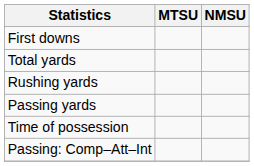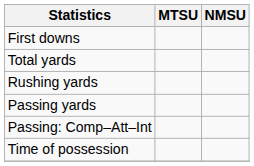 <table class="wikitable" style="float: left;">
 <tr>
 <th>Statistics</th>
 <th>MTSU</th>
 <th>NMSU</th>
 </tr>
 <tr>
 <td>First downs</td>
 <td></td>
 <td></td>
 </tr>
 <tr>
 <td>Total yards</td>
 <td></td>
 <td></td>
 </tr>
 <tr>
 <td>Rushing yards</td>
 <td></td>
 <td></td>
 </tr>
 <tr>
 <td>Passing yards</td>
 <td></td>
 <td></td>
 </tr>
 <tr>
-<td>Time of possession</td>
+<td>Passing: Comp–Att–Int</td>
 <td></td>
 <td></td>
 </tr>
 <tr>
-<td>Passing: Comp–Att–Int</td>
+<td>Time of possession</td>
 <td></td>
 <td></td>
 </tr>
 <tr>
 </tr>
 </table>
